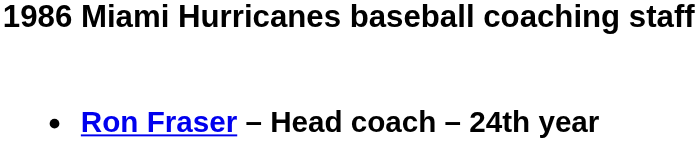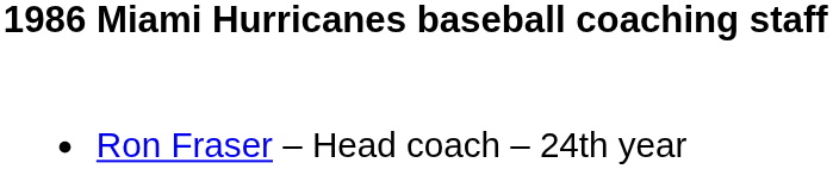 <table class="toccolours">
 <tr>
 <th colspan=9>1986 Miami Hurricanes baseball coaching staff</th>
 </tr>
 <tr>
-<td style="text-align: left; font-size: 95%;" valign="top"><strong><br><ul><li><a href='#'>Ron Fraser</a> – Head coach – 24th year</li></ul></strong></td>
+<td style="text-align: left; font-size: 95%;" valign="top"><br><ul><li><a href='#'>Ron Fraser</a> – Head coach – 24th year</li></ul></td>
 </tr>
 </table>
